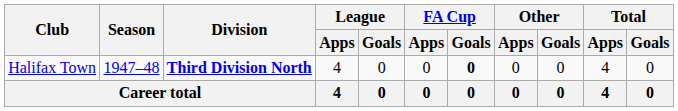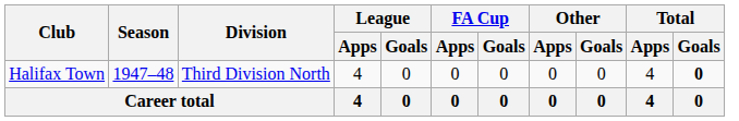 <table class="wikitable" style="text-align:center;">
 <tr>
 <th rowspan="2">Club</th>
 <th rowspan="2">Season</th>
 <th rowspan="2">Division</th>
 <th colspan="2">League</th>
 <th colspan="2"><a href='#'>FA Cup</a></th>
 <th colspan="2">Other</th>
 <th colspan="2">Total</th>
 </tr>
 <tr>
 <th>Apps</th>
 <th>Goals</th>
 <th>Apps</th>
 <th>Goals</th>
 <th>Apps</th>
 <th>Goals</th>
 <th>Apps</th>
 <th>Goals</th>
 </tr>
 <tr>
 <td><a href='#'>Halifax Town</a></td>
 <td><a href='#'>1947–48</a></td>
-<td><strong><a href='#'>Third Division North</a></strong></td>
+<td><a href='#'>Third Division North</a></td>
 <td>4</td>
 <td>0</td>
 <td>0</td>
-<td><strong>0</strong></td>
+<td>0</td>
 <td>0</td>
 <td>0</td>
 <td>4</td>
-<td>0</td>
+<td><strong>0</strong></td>
 </tr>
 <tr>
 <th colspan="3">Career total</th>
 <th>4</th>
 <th>0</th>
 <th>0</th>
 <th>0</th>
 <th>0</th>
 <th>0</th>
 <th>4</th>
 <th>0</th>
 </tr>
 </table>
